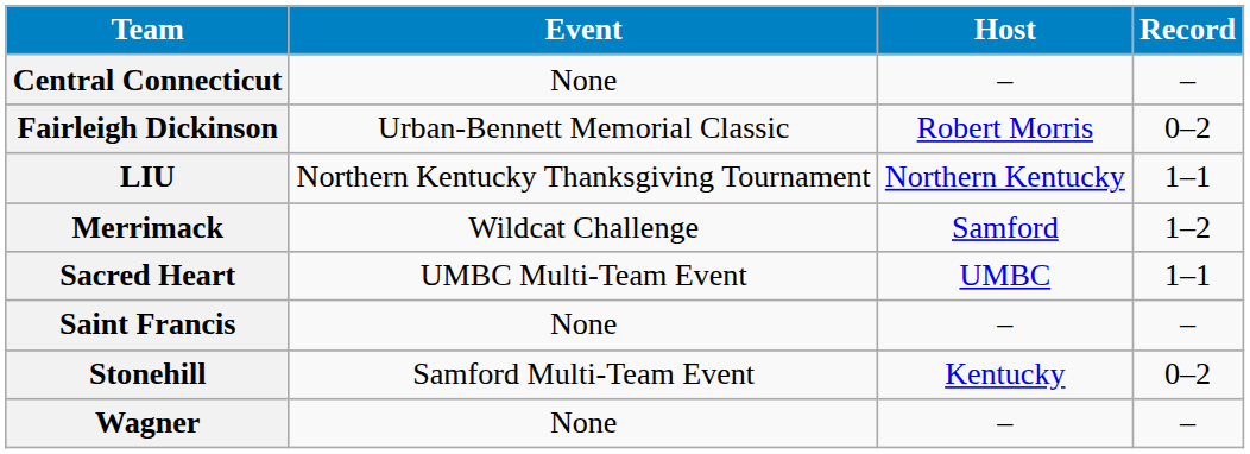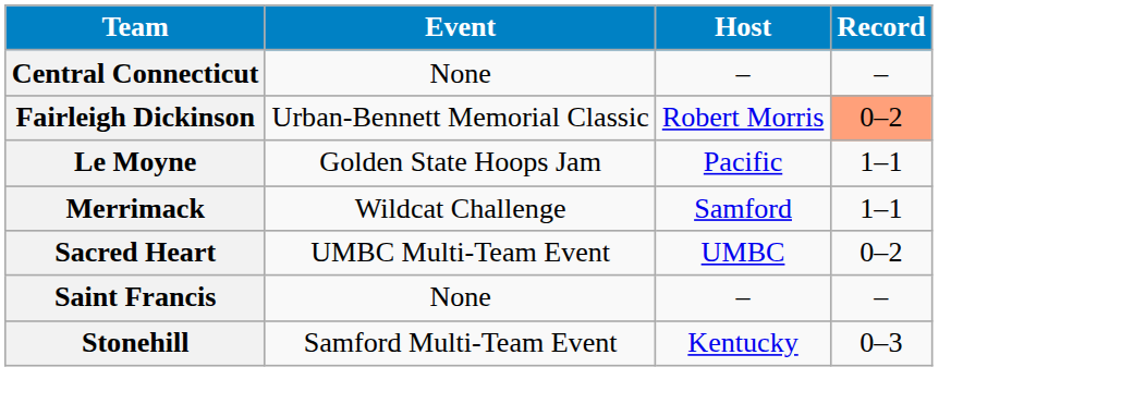 <table class="wikitable">
 <tr>
 <th align="center" style="background:#0081C4; color:#FFFFFF;">Team</th>
 <th align="center" style="background:#0081C4; color:#FFFFFF;">Event</th>
 <th align="center" style="background:#0081C4; color:#FFFFFF;">Host</th>
 <th align="center" style="background:#0081C4; color:#FFFFFF;">Record</th>
 </tr>
 <tr style="text-align:center;">
 <th>Central Connecticut</th>
 <td>None</td>
 <td>–</td>
 <td>–</td>
 </tr>
 <tr style="text-align:center;">
 <th>Fairleigh Dickinson</th>
 <td>Urban-Bennett Memorial Classic</td>
 <td><a href='#'>Robert Morris</a></td>
-<td>0–2</td>
+<td style="background: lightsalmon;">0–2</td>
 </tr>
 <tr style="text-align:center;">
-<th>LIU</th>
-<td>Northern Kentucky Thanksgiving Tournament</td>
-<td><a href='#'>Northern Kentucky</a></td>
+<th>Le Moyne</th>
+<td>Golden State Hoops Jam</td>
+<td><a href='#'>Pacific</a></td>
 <td>1–1</td>
 </tr>
 <tr style="text-align:center;">
 <th>Merrimack</th>
 <td>Wildcat Challenge</td>
 <td><a href='#'>Samford</a></td>
-<td>1–2</td>
+<td>1–1</td>
 </tr>
 <tr style="text-align:center;">
 <th>Sacred Heart</th>
 <td>UMBC Multi-Team Event</td>
 <td><a href='#'>UMBC</a></td>
-<td>1–1</td>
+<td>0–2</td>
 </tr>
 <tr style="text-align:center;">
 <th>Saint Francis</th>
 <td>None</td>
 <td>–</td>
 <td>–</td>
 </tr>
 <tr style="text-align:center;">
 <th>Stonehill</th>
 <td>Samford Multi-Team Event</td>
 <td><a href='#'>Kentucky</a></td>
-<td>0–2</td>
-</tr>
-<tr style="text-align:center;">
-<th>Wagner</th>
-<td>None</td>
-<td>–</td>
-<td>–</td>
+<td>0–3</td>
 </tr>
 </table>
